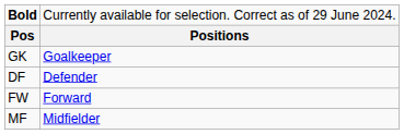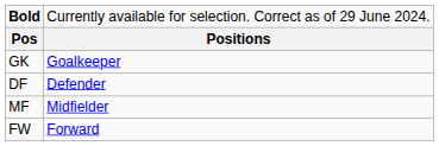 <table class="wikitable">
 <tr>
 <td><strong>Bold</strong></td>
 <td>Currently available for selection. Correct as of 29 June 2024.</td>
 </tr>
 <tr>
 <th>Pos</th>
 <th style="align: left">Positions</th>
 </tr>
 <tr>
 <td>GK</td>
 <td><a href='#'>Goalkeeper</a></td>
 </tr>
 <tr>
 <td>DF</td>
 <td><a href='#'>Defender</a></td>
 </tr>
 <tr>
+<td>MF</td>
+<td><a href='#'>Midfielder</a></td>
+</tr>
+<tr>
 <td>FW</td>
 <td><a href='#'>Forward</a></td>
 </tr>
-<tr>
-<td>MF</td>
-<td><a href='#'>Midfielder</a></td>
-</tr>
 </table>
